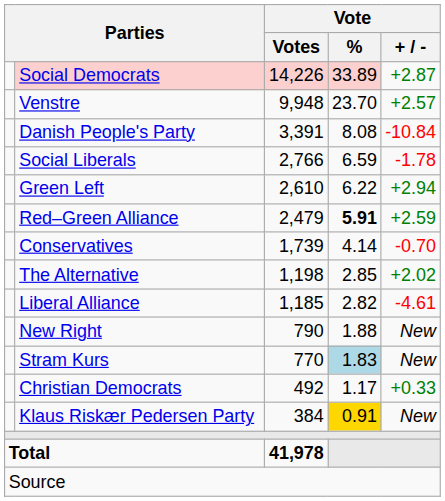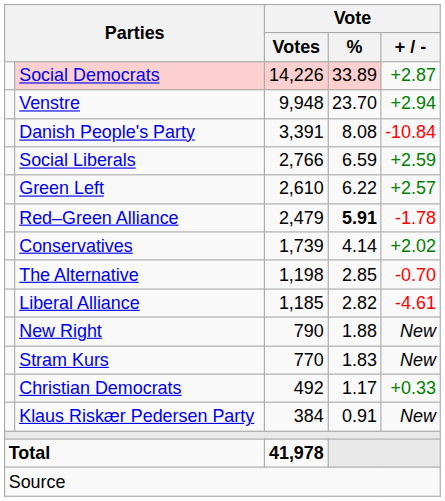 <table class="wikitable" style="text-align:right;">
 <tr>
 <th style="text-align:centre;" rowspan="2" colspan="2" width="225">Parties</th>
 <th colspan="3">Vote</th>
 </tr>
 <tr>
 <th width="15">Votes</th>
 <th width="15">%</th>
 <th width="15">+ / -</th>
 </tr>
 <tr>
 <td width="2" style="color:inherit;background:"></td>
 <td bgcolor=#fbd0ce  align="left"><a href='#'>Social Democrats</a></td>
 <td bgcolor=#fbd0ce>14,226</td>
 <td bgcolor=#fbd0ce>33.89</td>
 <td style=color:green;>+2.87</td>
 </tr>
 <tr>
 <td width="2" style="color:inherit;background:"></td>
 <td align="left"><a href='#'>Venstre</a></td>
 <td>9,948</td>
 <td>23.70</td>
-<td style=color:green;>+2.57</td>
+<td style=color:green;>+2.94</td>
 </tr>
 <tr>
 <td width="2" style="color:inherit;background:"></td>
 <td align="left"><a href='#'>Danish People's Party</a></td>
 <td>3,391</td>
 <td>8.08</td>
 <td style=color:red;>-10.84</td>
 </tr>
 <tr>
 <td width="2" style="color:inherit;background:"></td>
 <td align="left"><a href='#'>Social Liberals</a></td>
 <td>2,766</td>
 <td>6.59</td>
-<td style=color:red;>-1.78</td>
+<td style=color:green;>+2.59</td>
 </tr>
 <tr>
 <td width="2" style="color:inherit;background:"></td>
 <td align="left"><a href='#'>Green Left</a></td>
 <td>2,610</td>
 <td>6.22</td>
-<td style=color:green;>+2.94</td>
+<td style=color:green;>+2.57</td>
 </tr>
 <tr>
 <td width="2" style="color:inherit;background:"></td>
 <td align="left"><a href='#'>Red–Green Alliance</a></td>
 <td>2,479</td>
 <td><strong>5.91</strong></td>
-<td style=color:green;>+2.59</td>
+<td style=color:red;>-1.78</td>
 </tr>
 <tr>
 <td width="2" style="color:inherit;background:"></td>
 <td align="left"><a href='#'>Conservatives</a></td>
 <td>1,739</td>
 <td>4.14</td>
-<td style=color:red;>-0.70</td>
+<td style=color:green;>+2.02</td>
 </tr>
 <tr>
 <td width="2" style="color:inherit;background:"></td>
 <td align="left"><a href='#'>The Alternative</a></td>
 <td>1,198</td>
 <td>2.85</td>
-<td style=color:green;>+2.02</td>
+<td style=color:red;>-0.70</td>
 </tr>
 <tr>
 <td width="2" style="color:inherit;background:"></td>
 <td align="left"><a href='#'>Liberal Alliance</a></td>
 <td>1,185</td>
 <td>2.82</td>
 <td style=color:red;>-4.61</td>
 </tr>
 <tr>
 <td width="2" style="color:inherit;background:"></td>
 <td align="left"><a href='#'>New Right</a></td>
 <td>790</td>
 <td>1.88</td>
 <td><em>New</em></td>
 </tr>
 <tr>
 <td width="2" style="color:inherit;background:"></td>
 <td align="left"><a href='#'>Stram Kurs</a></td>
 <td>770</td>
-<td style="background: lightblue;">1.83</td>
+<td>1.83</td>
 <td><em>New</em></td>
 </tr>
 <tr>
 <td width="2" style="color:inherit;background:"></td>
 <td align="left"><a href='#'>Christian Democrats</a></td>
 <td>492</td>
 <td>1.17</td>
 <td style=color:green;>+0.33</td>
 </tr>
 <tr>
 <td width="2" style="color:inherit;background:"></td>
 <td align="left"><a href='#'>Klaus Riskær Pedersen Party</a></td>
 <td>384</td>
-<td style="background: gold;">0.91</td>
+<td>0.91</td>
 <td><em>New</em></td>
 </tr>
 <tr>
 <td colspan="7" bgcolor="#E9E9E9"></td>
 </tr>
 <tr>
 <td align="left" colspan="2"><strong>Total</strong></td>
 <td><strong>41,978</strong></td>
 <td bgcolor="#E9E9E9" colspan="2"></td>
 </tr>
 <tr>
 <td align="left" colspan="6">Source</td>
 </tr>
 </table>
